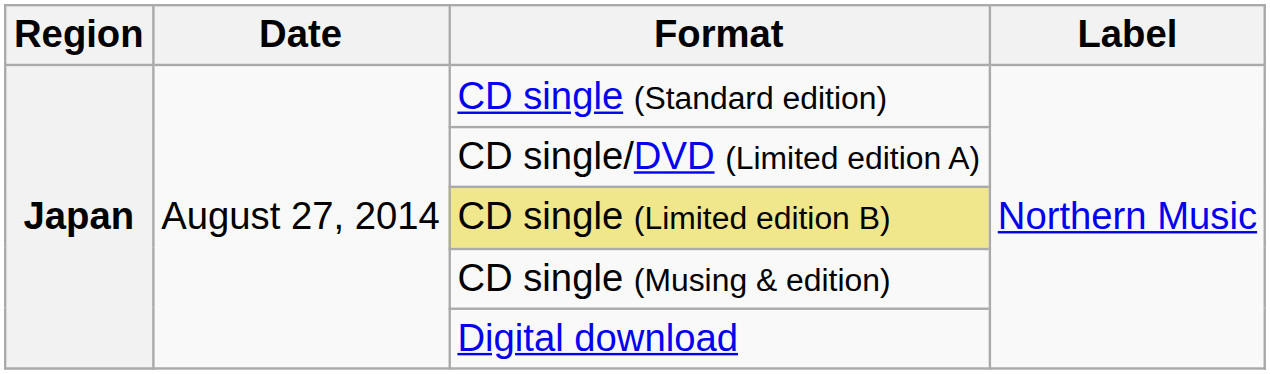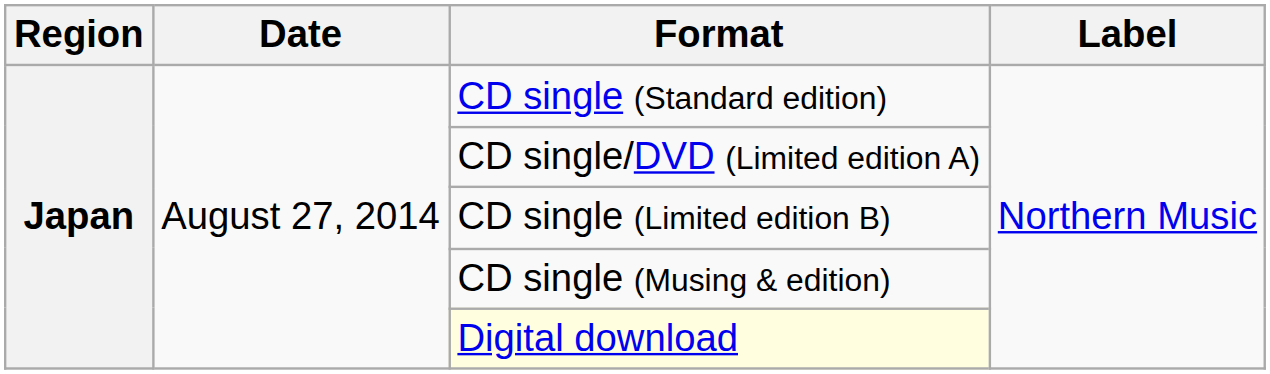 <table class="wikitable sortable plainrowheaders">
 <tr>
 <th scope="col">Region</th>
 <th scope="col">Date</th>
 <th scope="col">Format</th>
 <th scope="col">Label</th>
 </tr>
 <tr>
 <th rowspan="5">Japan</th>
 <td rowspan="5">August 27, 2014</td>
 <td><a href='#'>CD single</a> <small>(Standard edition)</small></td>
 <td rowspan="6"><a href='#'>Northern Music</a></td>
 </tr>
 <tr>
 <td>CD single/<a href='#'>DVD</a> <small>(Limited edition A)</small></td>
 </tr>
 <tr>
-<td style="background: khaki;">CD single <small>(Limited edition B)</small></td>
+<td>CD single <small>(Limited edition B)</small></td>
 </tr>
 <tr>
 <td>CD single <small>(Musing &  edition)</small></td>
 </tr>
 <tr>
-<td><a href='#'>Digital download</a></td>
+<td style="background: lightyellow;"><a href='#'>Digital download</a></td>
 </tr>
 </table>
